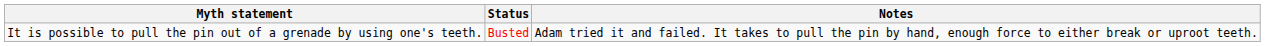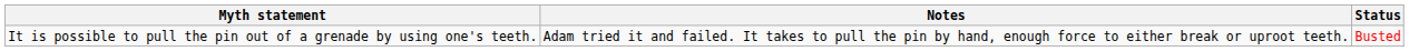 <table class="wikitable plainrowheaders">
 <tr>
 <th>Myth statement</th>
+<th>Notes</th>
 <th>Status</th>
-<th>Notes</th>
 </tr>
 <tr>
 <td>It is possible to pull the pin out of a grenade by using one's teeth.</td>
+<td>Adam tried it and failed. It takes  to pull the pin by hand, enough force to either break or uproot teeth.</td>
 <td style="color:Red">Busted</td>
-<td>Adam tried it and failed. It takes  to pull the pin by hand, enough force to either break or uproot teeth.</td>
 </tr>
 </table>
